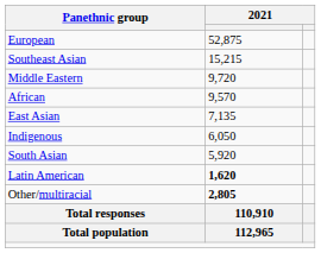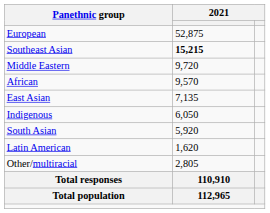 <table class="wikitable collapsible sortable">
 <tr>
 <th rowspan="2"><a href='#'>Panethnic</a> group</th>
 <th colspan="2">2021</th>
 </tr>
 <tr>
 <th><a href='#'></a></th>
 <th></th>
 </tr>
 <tr>
 <td><a href='#'>European</a></td>
 <td>52,875</td>
 <td></td>
 </tr>
 <tr>
 <td><a href='#'>Southeast Asian</a></td>
-<td>15,215</td>
+<td><strong>15,215</strong></td>
 <td></td>
 </tr>
 <tr>
 <td><a href='#'>Middle Eastern</a></td>
 <td>9,720</td>
 <td></td>
 </tr>
 <tr>
 <td><a href='#'>African</a></td>
 <td>9,570</td>
 <td></td>
 </tr>
 <tr>
 <td><a href='#'>East Asian</a></td>
 <td>7,135</td>
 <td></td>
 </tr>
 <tr>
 <td><a href='#'>Indigenous</a></td>
 <td>6,050</td>
 <td></td>
 </tr>
 <tr>
 <td><a href='#'>South Asian</a></td>
 <td>5,920</td>
 <td></td>
 </tr>
 <tr>
 <td><a href='#'>Latin American</a></td>
-<td><strong>1,620</strong></td>
+<td>1,620</td>
 <td></td>
 </tr>
 <tr>
 <td>Other/<a href='#'>multiracial</a></td>
-<td><strong>2,805</strong></td>
+<td>2,805</td>
 <td></td>
 </tr>
 <tr>
 <th>Total responses</th>
 <th>110,910</th>
 <th></th>
 </tr>
 <tr class="sortbottom">
 <th>Total population</th>
 <th>112,965</th>
 <th></th>
 </tr>
 <tr class="sortbottom">
 <td colspan="15" style="width: 25em;"></td>
 </tr>
 </table>
